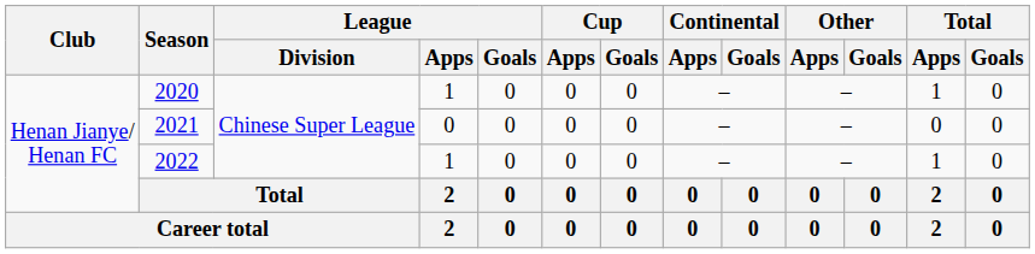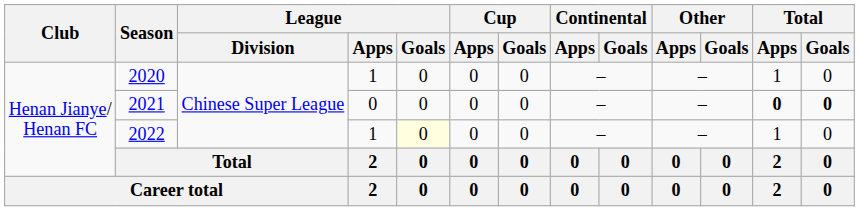 <table class="wikitable" style="text-align: center">
 <tr>
 <th rowspan="2">Club</th>
 <th rowspan="2">Season</th>
 <th colspan="3">League</th>
 <th colspan="2">Cup</th>
 <th colspan="2">Continental</th>
 <th colspan="2">Other</th>
 <th colspan="2">Total</th>
 </tr>
 <tr>
 <th>Division</th>
 <th>Apps</th>
 <th>Goals</th>
 <th>Apps</th>
 <th>Goals</th>
 <th>Apps</th>
 <th>Goals</th>
 <th>Apps</th>
 <th>Goals</th>
 <th>Apps</th>
 <th>Goals</th>
 </tr>
 <tr>
 <td rowspan=4><a href='#'>Henan Jianye</a>/<br><a href='#'>Henan FC</a></td>
 <td><a href='#'>2020</a></td>
 <td rowspan=3><a href='#'>Chinese Super League</a></td>
 <td>1</td>
 <td>0</td>
 <td>0</td>
 <td>0</td>
 <td colspan="2">–</td>
 <td colspan="2">–</td>
 <td>1</td>
 <td>0</td>
 </tr>
 <tr>
 <td><a href='#'>2021</a></td>
 <td>0</td>
 <td>0</td>
 <td>0</td>
 <td>0</td>
 <td colspan="2">–</td>
 <td colspan="2">–</td>
-<td>0</td>
-<td>0</td>
+<td><strong>0</strong></td>
+<td><strong>0</strong></td>
 </tr>
 <tr>
 <td><a href='#'>2022</a></td>
 <td>1</td>
-<td>0</td>
+<td style="background: lightyellow;">0</td>
 <td>0</td>
 <td>0</td>
 <td colspan="2">–</td>
 <td colspan="2">–</td>
 <td>1</td>
 <td>0</td>
 </tr>
 <tr>
 <th colspan="2">Total</th>
 <th>2</th>
 <th>0</th>
 <th>0</th>
 <th>0</th>
 <th>0</th>
 <th>0</th>
 <th>0</th>
 <th>0</th>
 <th>2</th>
 <th>0</th>
 </tr>
 <tr>
 <th colspan=3>Career total</th>
 <th>2</th>
 <th>0</th>
 <th>0</th>
 <th>0</th>
 <th>0</th>
 <th>0</th>
 <th>0</th>
 <th>0</th>
 <th>2</th>
 <th>0</th>
 </tr>
 </table>
